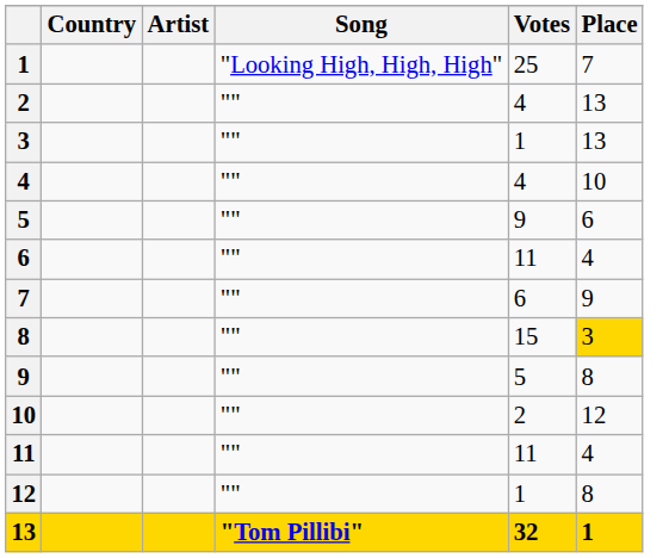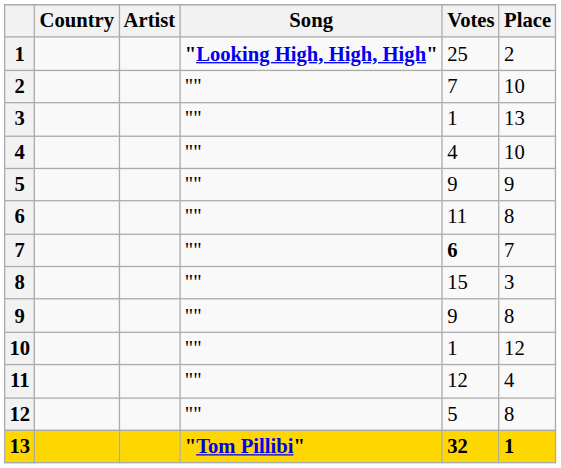 <table class="sortable wikitable plainrowheaders">
 <tr>
 </tr>
 <tr>
 <th scope="col"></th>
 <th scope="col">Country</th>
 <th scope="col">Artist</th>
 <th scope="col">Song</th>
 <th scope="col" class="unsortable">Votes</th>
 <th scope="col">Place</th>
 </tr>
 <tr>
 <th scope="row" style="text-align:center;">1</th>
 <td></td>
 <td></td>
-<td>"<a href='#'>Looking High, High, High</a>"</td>
+<td><strong>"<a href='#'>Looking High, High, High</a>"</strong></td>
 <td>25</td>
-<td>7</td>
+<td>2</td>
 </tr>
 <tr>
 <th scope="row" style="text-align:center;">2</th>
 <td></td>
 <td></td>
 <td>""</td>
-<td>4</td>
-<td>13</td>
+<td>7</td>
+<td>10</td>
 </tr>
 <tr>
 <th scope="row" style="text-align:center;">3</th>
 <td></td>
 <td></td>
 <td>""</td>
 <td>1</td>
 <td>13</td>
 </tr>
 <tr>
 <th scope="row" style="text-align:center;">4</th>
 <td></td>
 <td></td>
 <td>""</td>
 <td>4</td>
 <td>10</td>
 </tr>
 <tr>
 <th scope="row" style="text-align:center;">5</th>
 <td></td>
 <td></td>
 <td>""</td>
 <td>9</td>
-<td>6</td>
+<td>9</td>
 </tr>
 <tr>
 <th scope="row" style="text-align:center;">6</th>
 <td></td>
 <td></td>
 <td>""</td>
 <td>11</td>
-<td>4</td>
+<td>8</td>
 </tr>
 <tr>
 <th scope="row" style="text-align:center;">7</th>
 <td></td>
 <td></td>
 <td>""</td>
-<td>6</td>
-<td>9</td>
+<td><strong>6</strong></td>
+<td>7</td>
 </tr>
 <tr>
 <th scope="row" style="text-align:center;">8</th>
 <td></td>
 <td></td>
 <td>""</td>
 <td>15</td>
-<td style="background: gold;">3</td>
+<td>3</td>
 </tr>
 <tr>
 <th scope="row" style="text-align:center;">9</th>
 <td></td>
 <td></td>
 <td>""</td>
-<td>5</td>
+<td>9</td>
 <td>8</td>
 </tr>
 <tr>
 <th scope="row" style="text-align:center;">10</th>
 <td></td>
 <td></td>
 <td>""</td>
-<td>2</td>
+<td>1</td>
 <td>12</td>
 </tr>
 <tr>
 <th scope="row" style="text-align:center;">11</th>
 <td></td>
 <td></td>
 <td>""</td>
-<td>11</td>
+<td>12</td>
 <td>4</td>
 </tr>
 <tr>
 <th scope="row" style="text-align:center;">12</th>
 <td></td>
 <td></td>
 <td>""</td>
-<td>1</td>
+<td>5</td>
 <td>8</td>
 </tr>
 <tr style="font-weight:bold; background:gold">
 <th scope="row" style="text-align:center; font-weight:bold; background:gold">13</th>
 <td></td>
 <td></td>
 <td>"<a href='#'>Tom Pillibi</a>"</td>
 <td>32</td>
 <td>1</td>
 </tr>
 </table>
